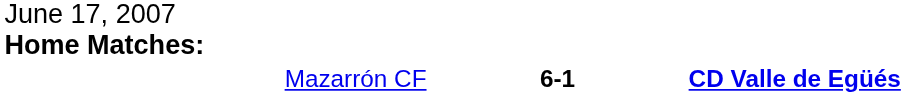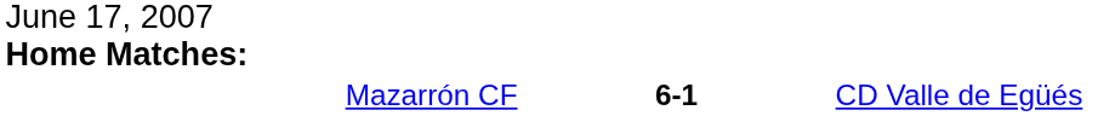 <table width=100% cellspacing=1>
 <tr>
 <th width=20%></th>
 <th width=12%></th>
 <th width=20%></th>
 <th></th>
 </tr>
 <tr>
 <td>June 17, 2007<br><strong>Home Matches:</strong></td>
 </tr>
 <tr style=font-size:90%>
 <td align=right><a href='#'>Mazarrón CF</a></td>
 <td align=center><strong>6-1</strong></td>
-<td><strong><a href='#'>CD Valle de Egüés</a></strong></td>
+<td><a href='#'>CD Valle de Egüés</a></td>
 </tr>
 </table>
